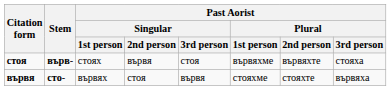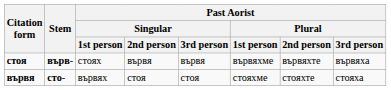 <table class="wikitable">
 <tr>
 <th rowspan="3">Citation<br>form</th>
 <th rowspan="3">Stem</th>
 <th colspan="6">Past Aorist</th>
 </tr>
 <tr>
 <th colspan="3">Singular</th>
 <th colspan="3">Plural</th>
 </tr>
 <tr>
 <th><strong>1st person</strong></th>
 <th><strong>2nd person</strong></th>
 <th><strong>3rd person</strong></th>
 <th><strong>1st person</strong></th>
 <th><strong>2nd person</strong></th>
 <th><strong>3rd person</strong></th>
 </tr>
 <tr>
 <td><strong>стоя</strong> <br></td>
 <td><strong>върв</strong>- <br></td>
 <td>сто<span>я</span><span>х</span> <br></td>
 <td>върв<span>я</span> <br></td>
-<td>сто<span>я</span> <br></td>
+<td>върв<span>я</span> <br></td>
 <td>върв<span>я</span><span>хме</span> <br></td>
 <td>върв<span>я</span><span>хте</span> <br></td>
-<td>сто<span>я</span><span>ха</span> <br></td>
+<td>върв<span>я</span><span>ха</span> <br></td>
 </tr>
 <tr>
 <td><strong>вървя</strong> <br></td>
 <td><strong>сто</strong>- <br></td>
 <td>върв<span>я</span><span>х</span> <br></td>
 <td>сто<span>я</span> <br></td>
-<td>върв<span>я</span> <br></td>
+<td>сто<span>я</span> <br></td>
 <td>сто<span>я</span><span>хме</span> <br></td>
 <td>сто<span>я</span><span>хте</span> <br></td>
-<td>върв<span>я</span><span>ха</span> <br></td>
+<td>сто<span>я</span><span>ха</span> <br></td>
 </tr>
 </table>
